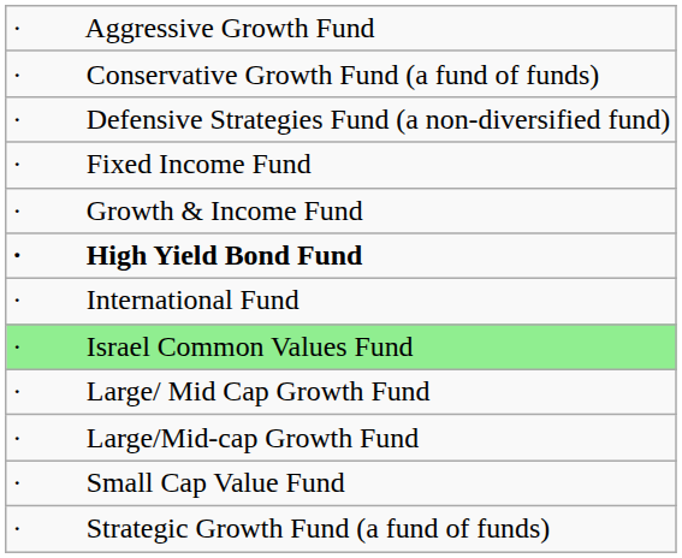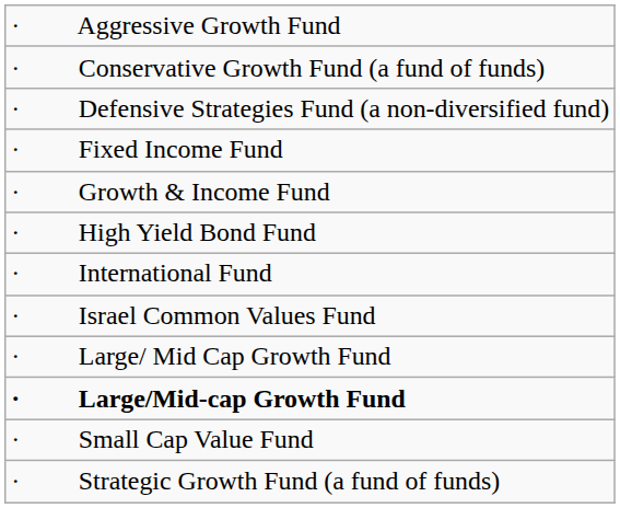 <table class="wikitable">
 <tr>
 <td>·          Aggressive Growth Fund</td>
 </tr>
 <tr>
 <td>·          Conservative Growth Fund (a fund of funds)</td>
 </tr>
 <tr>
 <td>·          Defensive Strategies Fund (a non-diversified fund)</td>
 </tr>
 <tr>
 <td>·          Fixed Income Fund</td>
 </tr>
 <tr>
 <td>·          Growth & Income Fund</td>
 </tr>
 <tr>
-<td><strong>·          High Yield Bond Fund</strong></td>
+<td>·          High Yield Bond Fund</td>
 </tr>
 <tr>
 <td>·          International Fund</td>
 </tr>
 <tr>
-<td style="background: lightgreen;">·          Israel Common Values Fund</td>
+<td>·          Israel Common Values Fund</td>
 </tr>
 <tr>
 <td>·          Large/ Mid Cap Growth Fund</td>
 </tr>
 <tr>
-<td>·          Large/Mid-cap Growth Fund</td>
+<td><strong>·          Large/Mid-cap Growth Fund</strong></td>
 </tr>
 <tr>
 <td>·          Small Cap Value Fund</td>
 </tr>
 <tr>
 <td>·          Strategic Growth Fund (a fund of funds)</td>
 </tr>
 </table>
